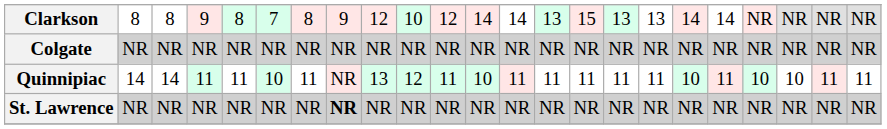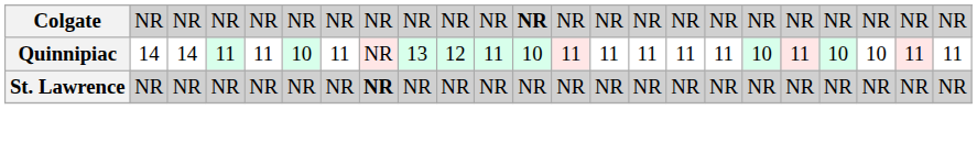 <table class="wikitable sortable" style="text-align: center;">
 <tr>
-</tr>
-<tr>
-<th>Clarkson</th>
-<td bgcolor=FFFFFF>8</td>
-<td bgcolor=FFFFFF>8</td>
-<td bgcolor=FFE6E6>9</td>
-<td bgcolor=D8FFEB>8</td>
-<td bgcolor=D8FFEB>7</td>
-<td bgcolor=FFE6E6>8</td>
-<td bgcolor=FFE6E6>9</td>
-<td bgcolor=FFE6E6>12</td>
-<td bgcolor=D8FFEB>10</td>
-<td bgcolor=FFE6E6>12</td>
-<td bgcolor=FFE6E6>14</td>
-<td bgcolor=FFFFFF>14</td>
-<td bgcolor=D8FFEB>13</td>
-<td bgcolor=FFE6E6>15</td>
-<td bgcolor=D8FFEB>13</td>
-<td bgcolor=FFFFFF>13</td>
-<td bgcolor=FFE6E6>14</td>
-<td bgcolor=FFFFFF>14</td>
-<td bgcolor=FFE6E6>NR</td>
-<td bgcolor=e0e0e0>NR</td>
-<td bgcolor=e0e0e0>NR</td>
-<td bgcolor=e0e0e0>NR</td>
 </tr>
 <tr bgcolor=f0f0f0>
 <th>Colgate</th>
 <td bgcolor=d0d0d0>NR</td>
 <td bgcolor=d0d0d0>NR</td>
 <td bgcolor=d0d0d0>NR</td>
 <td bgcolor=d0d0d0>NR</td>
 <td bgcolor=d0d0d0>NR</td>
 <td bgcolor=d0d0d0>NR</td>
 <td bgcolor=d0d0d0>NR</td>
 <td bgcolor=d0d0d0>NR</td>
 <td bgcolor=d0d0d0>NR</td>
 <td bgcolor=d0d0d0>NR</td>
-<td bgcolor=d0d0d0>NR</td>
+<td bgcolor=d0d0d0><strong>NR</strong></td>
 <td bgcolor=d0d0d0>NR</td>
 <td bgcolor=d0d0d0>NR</td>
 <td bgcolor=d0d0d0>NR</td>
 <td bgcolor=d0d0d0>NR</td>
 <td bgcolor=d0d0d0>NR</td>
 <td bgcolor=d0d0d0>NR</td>
 <td bgcolor=d0d0d0>NR</td>
 <td bgcolor=d0d0d0>NR</td>
 <td bgcolor=d0d0d0>NR</td>
 <td bgcolor=d0d0d0>NR</td>
 <td bgcolor=d0d0d0>NR</td>
 </tr>
 <tr>
 <th>Quinnipiac</th>
 <td bgcolor=FFFFFF>14</td>
 <td bgcolor=FFFFFF>14</td>
 <td bgcolor=D8FFEB>11</td>
 <td bgcolor=FFFFFF>11</td>
 <td bgcolor=D8FFEB>10</td>
 <td bgcolor=FFFFFF>11</td>
 <td bgcolor=FFE6E6>NR</td>
 <td bgcolor=D8FFEB>13</td>
 <td bgcolor=D8FFEB>12</td>
 <td bgcolor=D8FFEB>11</td>
 <td bgcolor=D8FFEB>10</td>
 <td bgcolor=FFE6E6>11</td>
 <td bgcolor=FFFFFF>11</td>
 <td bgcolor=FFFFFF>11</td>
 <td bgcolor=FFFFFF>11</td>
 <td bgcolor=FFFFFF>11</td>
 <td bgcolor=D8FFEB>10</td>
 <td bgcolor=FFE6E6>11</td>
 <td bgcolor=D8FFEB>10</td>
 <td bgcolor=FFFFFF>10</td>
 <td bgcolor=FFE6E6>11</td>
 <td bgcolor=FFFFFF>11</td>
 </tr>
 <tr bgcolor=f0f0f0>
 <th>St. Lawrence</th>
 <td bgcolor=d0d0d0>NR</td>
 <td bgcolor=d0d0d0>NR</td>
 <td bgcolor=d0d0d0>NR</td>
 <td bgcolor=d0d0d0>NR</td>
 <td bgcolor=d0d0d0>NR</td>
 <td bgcolor=d0d0d0>NR</td>
 <td bgcolor=d0d0d0><strong>NR</strong></td>
 <td bgcolor=d0d0d0>NR</td>
 <td bgcolor=d0d0d0>NR</td>
 <td bgcolor=d0d0d0>NR</td>
 <td bgcolor=d0d0d0>NR</td>
 <td bgcolor=d0d0d0>NR</td>
 <td bgcolor=d0d0d0>NR</td>
 <td bgcolor=d0d0d0>NR</td>
 <td bgcolor=d0d0d0>NR</td>
 <td bgcolor=d0d0d0>NR</td>
 <td bgcolor=d0d0d0>NR</td>
 <td bgcolor=d0d0d0>NR</td>
 <td bgcolor=d0d0d0>NR</td>
 <td bgcolor=d0d0d0>NR</td>
 <td bgcolor=d0d0d0>NR</td>
 <td bgcolor=d0d0d0>NR</td>
 </tr>
 <tr>
 </tr>
 </table>
